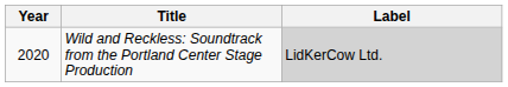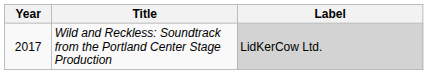 <table class="wikitable">
 <tr>
 <th style="width:3.5em;">Year</th>
 <th style="width:15em;">Title</th>
 <th style="width:15em;">Label</th>
 </tr>
 <tr>
-<td style="text-align:center;">2020</td>
+<td style="text-align:center;">2017</td>
 <td><em>Wild and Reckless: Soundtrack from the Portland Center Stage Production</em></td>
 <td style="background: lightgrey;">LidKerCow Ltd.</td>
 </tr>
 </table>
